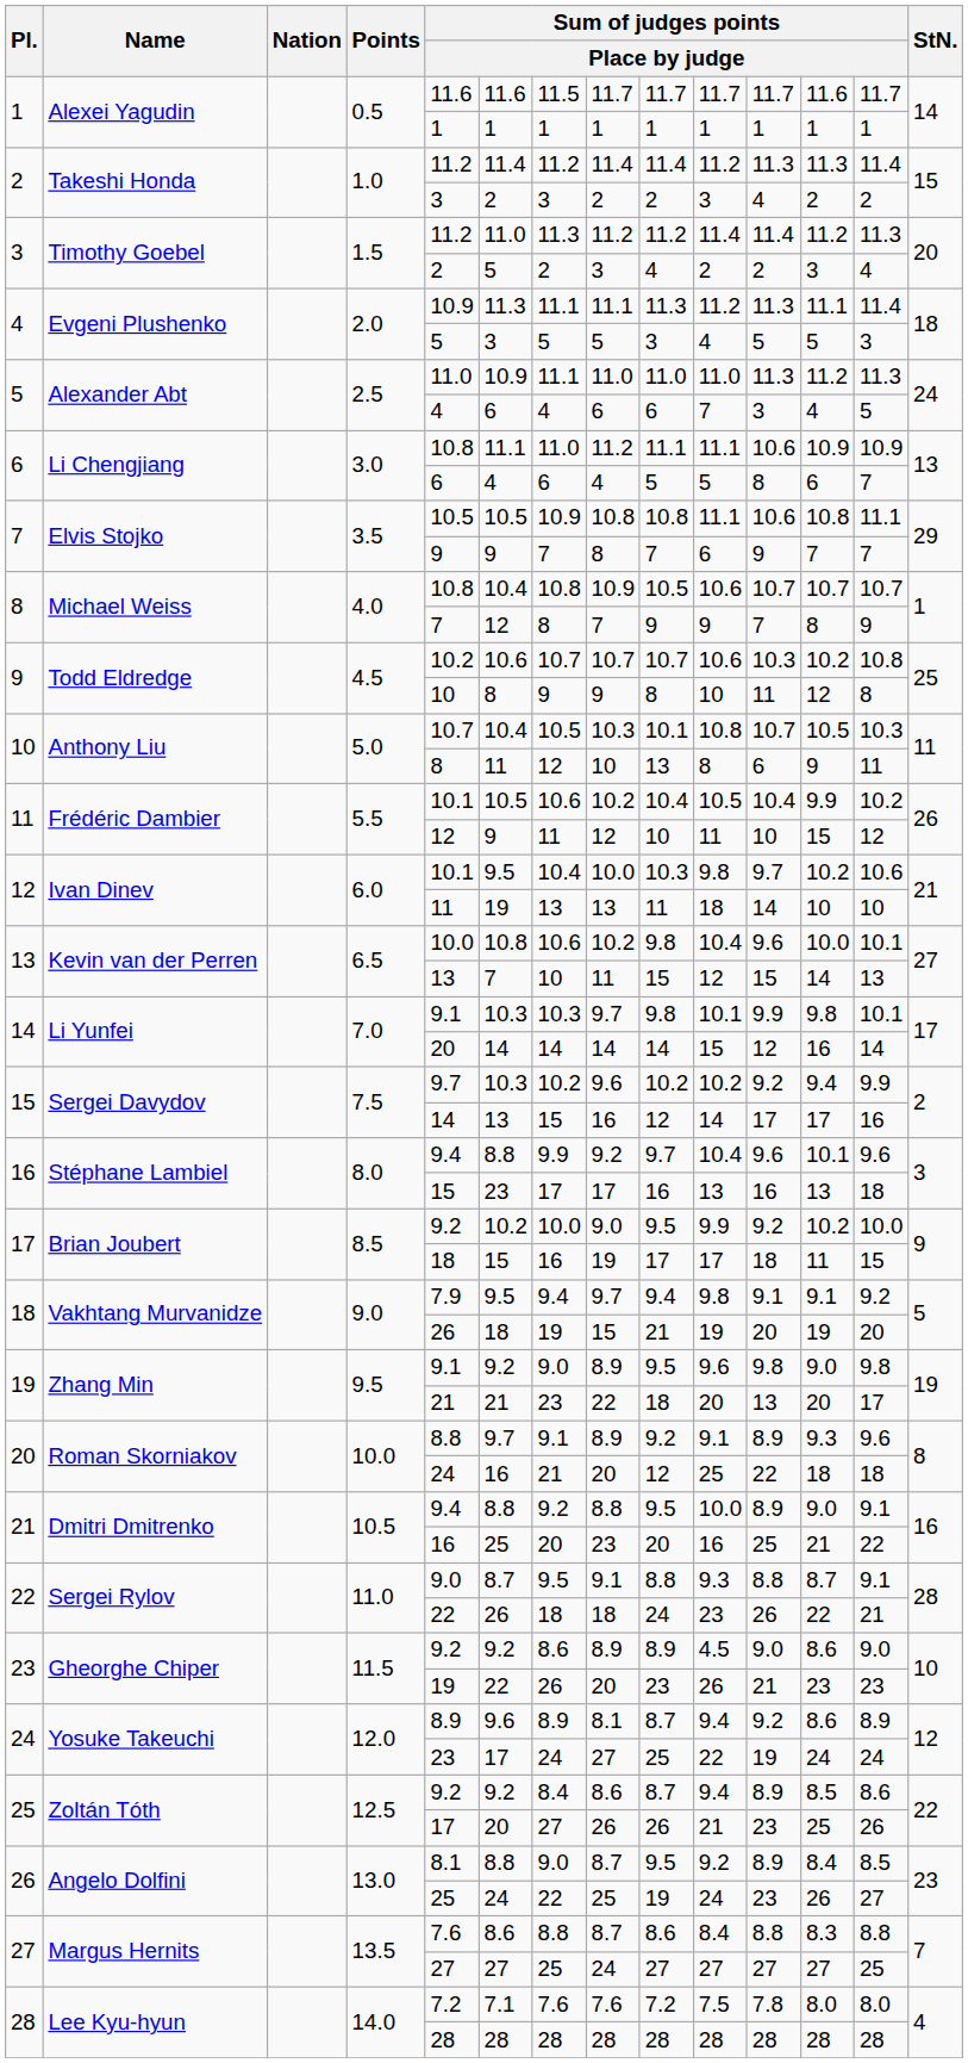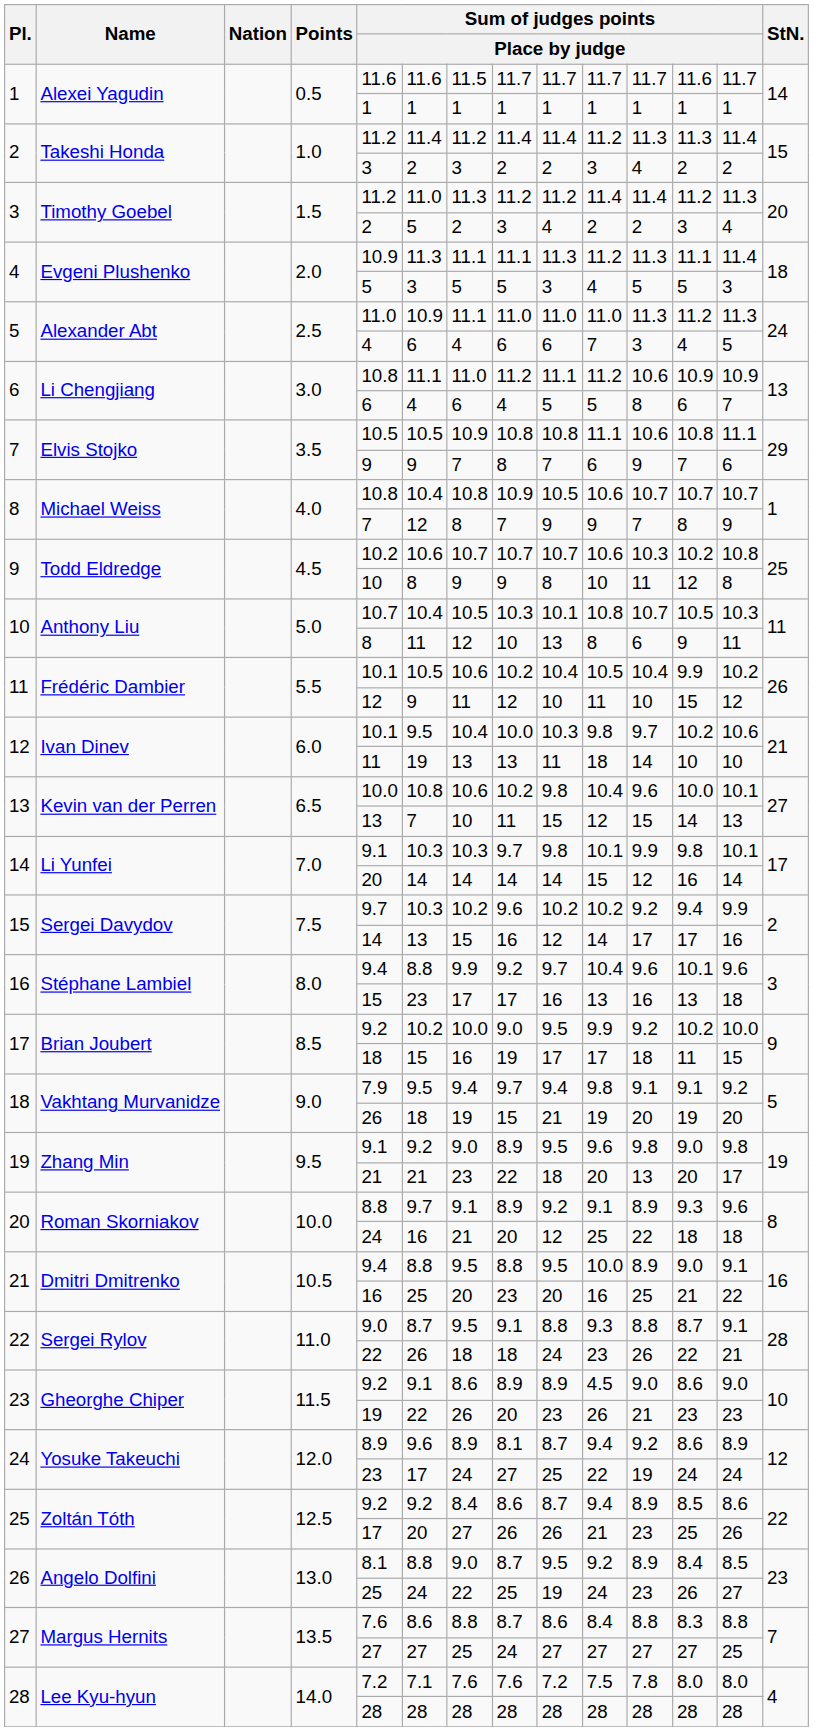 <table class="wikitable">
 <tr>
 <th rowspan="2"><strong>Pl.</strong></th>
 <th rowspan="2"><strong>Name</strong></th>
 <th rowspan="2"><strong>Nation</strong></th>
 <th rowspan="2"><strong>Points</strong></th>
 <th colspan="9"><strong>Sum of judges points</strong></th>
 <th rowspan="2"><strong>StN.</strong></th>
 </tr>
 <tr>
 <th colspan="9"><strong>Place by judge</strong></th>
 </tr>
 <tr>
 <td rowspan="2">1</td>
 <td rowspan="2"><a href='#'>Alexei Yagudin</a></td>
 <td rowspan="2"></td>
 <td rowspan="2">0.5</td>
 <td>11.6</td>
 <td>11.6</td>
 <td>11.5</td>
 <td>11.7</td>
 <td>11.7</td>
 <td>11.7</td>
 <td>11.7</td>
 <td>11.6</td>
 <td>11.7</td>
 <td rowspan="2">14</td>
 </tr>
 <tr>
 <td>1</td>
 <td>1</td>
 <td>1</td>
 <td>1</td>
 <td>1</td>
 <td>1</td>
 <td>1</td>
 <td>1</td>
 <td>1</td>
 </tr>
 <tr>
 <td rowspan="2">2</td>
 <td rowspan="2"><a href='#'>Takeshi Honda</a></td>
 <td rowspan="2"></td>
 <td rowspan="2">1.0</td>
 <td>11.2</td>
 <td>11.4</td>
 <td>11.2</td>
 <td>11.4</td>
 <td>11.4</td>
 <td>11.2</td>
 <td>11.3</td>
 <td>11.3</td>
 <td>11.4</td>
 <td rowspan="2">15</td>
 </tr>
 <tr>
 <td>3</td>
 <td>2</td>
 <td>3</td>
 <td>2</td>
 <td>2</td>
 <td>3</td>
 <td>4</td>
 <td>2</td>
 <td>2</td>
 </tr>
 <tr>
 <td rowspan="2">3</td>
 <td rowspan="2"><a href='#'>Timothy Goebel</a></td>
 <td rowspan="2"></td>
 <td rowspan="2">1.5</td>
 <td>11.2</td>
 <td>11.0</td>
 <td>11.3</td>
 <td>11.2</td>
 <td>11.2</td>
 <td>11.4</td>
 <td>11.4</td>
 <td>11.2</td>
 <td>11.3</td>
 <td rowspan="2">20</td>
 </tr>
 <tr>
 <td>2</td>
 <td>5</td>
 <td>2</td>
 <td>3</td>
 <td>4</td>
 <td>2</td>
 <td>2</td>
 <td>3</td>
 <td>4</td>
 </tr>
 <tr>
 <td rowspan="2">4</td>
 <td rowspan="2"><a href='#'>Evgeni Plushenko</a></td>
 <td rowspan="2"></td>
 <td rowspan="2">2.0</td>
 <td>10.9</td>
 <td>11.3</td>
 <td>11.1</td>
 <td>11.1</td>
 <td>11.3</td>
 <td>11.2</td>
 <td>11.3</td>
 <td>11.1</td>
 <td>11.4</td>
 <td rowspan="2">18</td>
 </tr>
 <tr>
 <td>5</td>
 <td>3</td>
 <td>5</td>
 <td>5</td>
 <td>3</td>
 <td>4</td>
 <td>5</td>
 <td>5</td>
 <td>3</td>
 </tr>
 <tr>
 <td rowspan="2">5</td>
 <td rowspan="2"><a href='#'>Alexander Abt</a></td>
 <td rowspan="2"></td>
 <td rowspan="2">2.5</td>
 <td>11.0</td>
 <td>10.9</td>
 <td>11.1</td>
 <td>11.0</td>
 <td>11.0</td>
 <td>11.0</td>
 <td>11.3</td>
 <td>11.2</td>
 <td>11.3</td>
 <td rowspan="2">24</td>
 </tr>
 <tr>
 <td>4</td>
 <td>6</td>
 <td>4</td>
 <td>6</td>
 <td>6</td>
 <td>7</td>
 <td>3</td>
 <td>4</td>
 <td>5</td>
 </tr>
 <tr>
 <td rowspan="2">6</td>
 <td rowspan="2"><a href='#'>Li Chengjiang</a></td>
 <td rowspan="2"></td>
 <td rowspan="2">3.0</td>
 <td>10.8</td>
 <td>11.1</td>
 <td>11.0</td>
 <td>11.2</td>
 <td>11.1</td>
-<td>11.1</td>
+<td>11.2</td>
 <td>10.6</td>
 <td>10.9</td>
 <td>10.9</td>
 <td rowspan="2">13</td>
 </tr>
 <tr>
 <td>6</td>
 <td>4</td>
 <td>6</td>
 <td>4</td>
 <td>5</td>
 <td>5</td>
 <td>8</td>
 <td>6</td>
 <td>7</td>
 </tr>
 <tr>
 <td rowspan="2">7</td>
 <td rowspan="2"><a href='#'>Elvis Stojko</a></td>
 <td rowspan="2"></td>
 <td rowspan="2">3.5</td>
 <td>10.5</td>
 <td>10.5</td>
 <td>10.9</td>
 <td>10.8</td>
 <td>10.8</td>
 <td>11.1</td>
 <td>10.6</td>
 <td>10.8</td>
 <td>11.1</td>
 <td rowspan="2">29</td>
 </tr>
 <tr>
 <td>9</td>
 <td>9</td>
 <td>7</td>
 <td>8</td>
 <td>7</td>
 <td>6</td>
 <td>9</td>
 <td>7</td>
-<td>7</td>
+<td>6</td>
 </tr>
 <tr>
 <td rowspan="2">8</td>
 <td rowspan="2"><a href='#'>Michael Weiss</a></td>
 <td rowspan="2"></td>
 <td rowspan="2">4.0</td>
 <td>10.8</td>
 <td>10.4</td>
 <td>10.8</td>
 <td>10.9</td>
 <td>10.5</td>
 <td>10.6</td>
 <td>10.7</td>
 <td>10.7</td>
 <td>10.7</td>
 <td rowspan="2">1</td>
 </tr>
 <tr>
 <td>7</td>
 <td>12</td>
 <td>8</td>
 <td>7</td>
 <td>9</td>
 <td>9</td>
 <td>7</td>
 <td>8</td>
 <td>9</td>
 </tr>
 <tr>
 <td rowspan="2">9</td>
 <td rowspan="2"><a href='#'>Todd Eldredge</a></td>
 <td rowspan="2"></td>
 <td rowspan="2">4.5</td>
 <td>10.2</td>
 <td>10.6</td>
 <td>10.7</td>
 <td>10.7</td>
 <td>10.7</td>
 <td>10.6</td>
 <td>10.3</td>
 <td>10.2</td>
 <td>10.8</td>
 <td rowspan="2">25</td>
 </tr>
 <tr>
 <td>10</td>
 <td>8</td>
 <td>9</td>
 <td>9</td>
 <td>8</td>
 <td>10</td>
 <td>11</td>
 <td>12</td>
 <td>8</td>
 </tr>
 <tr>
 <td rowspan="2">10</td>
 <td rowspan="2"><a href='#'>Anthony Liu</a></td>
 <td rowspan="2"></td>
 <td rowspan="2">5.0</td>
 <td>10.7</td>
 <td>10.4</td>
 <td>10.5</td>
 <td>10.3</td>
 <td>10.1</td>
 <td>10.8</td>
 <td>10.7</td>
 <td>10.5</td>
 <td>10.3</td>
 <td rowspan="2">11</td>
 </tr>
 <tr>
 <td>8</td>
 <td>11</td>
 <td>12</td>
 <td>10</td>
 <td>13</td>
 <td>8</td>
 <td>6</td>
 <td>9</td>
 <td>11</td>
 </tr>
 <tr>
 <td rowspan="2">11</td>
 <td rowspan="2"><a href='#'>Frédéric Dambier</a></td>
 <td rowspan="2"></td>
 <td rowspan="2">5.5</td>
 <td>10.1</td>
 <td>10.5</td>
 <td>10.6</td>
 <td>10.2</td>
 <td>10.4</td>
 <td>10.5</td>
 <td>10.4</td>
 <td>9.9</td>
 <td>10.2</td>
 <td rowspan="2">26</td>
 </tr>
 <tr>
 <td>12</td>
 <td>9</td>
 <td>11</td>
 <td>12</td>
 <td>10</td>
 <td>11</td>
 <td>10</td>
 <td>15</td>
 <td>12</td>
 </tr>
 <tr>
 <td rowspan="2">12</td>
 <td rowspan="2"><a href='#'>Ivan Dinev</a></td>
 <td rowspan="2"></td>
 <td rowspan="2">6.0</td>
 <td>10.1</td>
 <td>9.5</td>
 <td>10.4</td>
 <td>10.0</td>
 <td>10.3</td>
 <td>9.8</td>
 <td>9.7</td>
 <td>10.2</td>
 <td>10.6</td>
 <td rowspan="2">21</td>
 </tr>
 <tr>
 <td>11</td>
 <td>19</td>
 <td>13</td>
 <td>13</td>
 <td>11</td>
 <td>18</td>
 <td>14</td>
 <td>10</td>
 <td>10</td>
 </tr>
 <tr>
 <td rowspan="2">13</td>
 <td rowspan="2"><a href='#'>Kevin van der Perren</a></td>
 <td rowspan="2"></td>
 <td rowspan="2">6.5</td>
 <td>10.0</td>
 <td>10.8</td>
 <td>10.6</td>
 <td>10.2</td>
 <td>9.8</td>
 <td>10.4</td>
 <td>9.6</td>
 <td>10.0</td>
 <td>10.1</td>
 <td rowspan="2">27</td>
 </tr>
 <tr>
 <td>13</td>
 <td>7</td>
 <td>10</td>
 <td>11</td>
 <td>15</td>
 <td>12</td>
 <td>15</td>
 <td>14</td>
 <td>13</td>
 </tr>
 <tr>
 <td rowspan="2">14</td>
 <td rowspan="2"><a href='#'>Li Yunfei</a></td>
 <td rowspan="2"></td>
 <td rowspan="2">7.0</td>
 <td>9.1</td>
 <td>10.3</td>
 <td>10.3</td>
 <td>9.7</td>
 <td>9.8</td>
 <td>10.1</td>
 <td>9.9</td>
 <td>9.8</td>
 <td>10.1</td>
 <td rowspan="2">17</td>
 </tr>
 <tr>
 <td>20</td>
 <td>14</td>
 <td>14</td>
 <td>14</td>
 <td>14</td>
 <td>15</td>
 <td>12</td>
 <td>16</td>
 <td>14</td>
 </tr>
 <tr>
 <td rowspan="2">15</td>
 <td rowspan="2"><a href='#'>Sergei Davydov</a></td>
 <td rowspan="2"></td>
 <td rowspan="2">7.5</td>
 <td>9.7</td>
 <td>10.3</td>
 <td>10.2</td>
 <td>9.6</td>
 <td>10.2</td>
 <td>10.2</td>
 <td>9.2</td>
 <td>9.4</td>
 <td>9.9</td>
 <td rowspan="2">2</td>
 </tr>
 <tr>
 <td>14</td>
 <td>13</td>
 <td>15</td>
 <td>16</td>
 <td>12</td>
 <td>14</td>
 <td>17</td>
 <td>17</td>
 <td>16</td>
 </tr>
 <tr>
 <td rowspan="2">16</td>
 <td rowspan="2"><a href='#'>Stéphane Lambiel</a></td>
 <td rowspan="2"></td>
 <td rowspan="2">8.0</td>
 <td>9.4</td>
 <td>8.8</td>
 <td>9.9</td>
 <td>9.2</td>
 <td>9.7</td>
 <td>10.4</td>
 <td>9.6</td>
 <td>10.1</td>
 <td>9.6</td>
 <td rowspan="2">3</td>
 </tr>
 <tr>
 <td>15</td>
 <td>23</td>
 <td>17</td>
 <td>17</td>
 <td>16</td>
 <td>13</td>
 <td>16</td>
 <td>13</td>
 <td>18</td>
 </tr>
 <tr>
 <td rowspan="2">17</td>
 <td rowspan="2"><a href='#'>Brian Joubert</a></td>
 <td rowspan="2"></td>
 <td rowspan="2">8.5</td>
 <td>9.2</td>
 <td>10.2</td>
 <td>10.0</td>
 <td>9.0</td>
 <td>9.5</td>
 <td>9.9</td>
 <td>9.2</td>
 <td>10.2</td>
 <td>10.0</td>
 <td rowspan="2">9</td>
 </tr>
 <tr>
 <td>18</td>
 <td>15</td>
 <td>16</td>
 <td>19</td>
 <td>17</td>
 <td>17</td>
 <td>18</td>
 <td>11</td>
 <td>15</td>
 </tr>
 <tr>
 <td rowspan="2">18</td>
 <td rowspan="2"><a href='#'>Vakhtang Murvanidze</a></td>
 <td rowspan="2"></td>
 <td rowspan="2">9.0</td>
 <td>7.9</td>
 <td>9.5</td>
 <td>9.4</td>
 <td>9.7</td>
 <td>9.4</td>
 <td>9.8</td>
 <td>9.1</td>
 <td>9.1</td>
 <td>9.2</td>
 <td rowspan="2">5</td>
 </tr>
 <tr>
 <td>26</td>
 <td>18</td>
 <td>19</td>
 <td>15</td>
 <td>21</td>
 <td>19</td>
 <td>20</td>
 <td>19</td>
 <td>20</td>
 </tr>
 <tr>
 <td rowspan="2">19</td>
 <td rowspan="2"><a href='#'>Zhang Min</a></td>
 <td rowspan="2"></td>
 <td rowspan="2">9.5</td>
 <td>9.1</td>
 <td>9.2</td>
 <td>9.0</td>
 <td>8.9</td>
 <td>9.5</td>
 <td>9.6</td>
 <td>9.8</td>
 <td>9.0</td>
 <td>9.8</td>
 <td rowspan="2">19</td>
 </tr>
 <tr>
 <td>21</td>
 <td>21</td>
 <td>23</td>
 <td>22</td>
 <td>18</td>
 <td>20</td>
 <td>13</td>
 <td>20</td>
 <td>17</td>
 </tr>
 <tr>
 <td rowspan="2">20</td>
 <td rowspan="2"><a href='#'>Roman Skorniakov</a></td>
 <td rowspan="2"></td>
 <td rowspan="2">10.0</td>
 <td>8.8</td>
 <td>9.7</td>
 <td>9.1</td>
 <td>8.9</td>
 <td>9.2</td>
 <td>9.1</td>
 <td>8.9</td>
 <td>9.3</td>
 <td>9.6</td>
 <td rowspan="2">8</td>
 </tr>
 <tr>
 <td>24</td>
 <td>16</td>
 <td>21</td>
 <td>20</td>
 <td>12</td>
 <td>25</td>
 <td>22</td>
 <td>18</td>
 <td>18</td>
 </tr>
 <tr>
 <td rowspan="2">21</td>
 <td rowspan="2"><a href='#'>Dmitri Dmitrenko</a></td>
 <td rowspan="2"></td>
 <td rowspan="2">10.5</td>
 <td>9.4</td>
 <td>8.8</td>
-<td>9.2</td>
+<td>9.5</td>
 <td>8.8</td>
 <td>9.5</td>
 <td>10.0</td>
 <td>8.9</td>
 <td>9.0</td>
 <td>9.1</td>
 <td rowspan="2">16</td>
 </tr>
 <tr>
 <td>16</td>
 <td>25</td>
 <td>20</td>
 <td>23</td>
 <td>20</td>
 <td>16</td>
 <td>25</td>
 <td>21</td>
 <td>22</td>
 </tr>
 <tr>
 <td rowspan="2">22</td>
 <td rowspan="2"><a href='#'>Sergei Rylov</a></td>
 <td rowspan="2"></td>
 <td rowspan="2">11.0</td>
 <td>9.0</td>
 <td>8.7</td>
 <td>9.5</td>
 <td>9.1</td>
 <td>8.8</td>
 <td>9.3</td>
 <td>8.8</td>
 <td>8.7</td>
 <td>9.1</td>
 <td rowspan="2">28</td>
 </tr>
 <tr>
 <td>22</td>
 <td>26</td>
 <td>18</td>
 <td>18</td>
 <td>24</td>
 <td>23</td>
 <td>26</td>
 <td>22</td>
 <td>21</td>
 </tr>
 <tr>
 <td rowspan="2">23</td>
 <td rowspan="2"><a href='#'>Gheorghe Chiper</a></td>
 <td rowspan="2"></td>
 <td rowspan="2">11.5</td>
 <td>9.2</td>
-<td>9.2</td>
+<td>9.1</td>
 <td>8.6</td>
 <td>8.9</td>
 <td>8.9</td>
 <td>4.5</td>
 <td>9.0</td>
 <td>8.6</td>
 <td>9.0</td>
 <td rowspan="2">10</td>
 </tr>
 <tr>
 <td>19</td>
 <td>22</td>
 <td>26</td>
 <td>20</td>
 <td>23</td>
 <td>26</td>
 <td>21</td>
 <td>23</td>
 <td>23</td>
 </tr>
 <tr>
 <td rowspan="2">24</td>
 <td rowspan="2"><a href='#'>Yosuke Takeuchi</a></td>
 <td rowspan="2"></td>
 <td rowspan="2">12.0</td>
 <td>8.9</td>
 <td>9.6</td>
 <td>8.9</td>
 <td>8.1</td>
 <td>8.7</td>
 <td>9.4</td>
 <td>9.2</td>
 <td>8.6</td>
 <td>8.9</td>
 <td rowspan="2">12</td>
 </tr>
 <tr>
 <td>23</td>
 <td>17</td>
 <td>24</td>
 <td>27</td>
 <td>25</td>
 <td>22</td>
 <td>19</td>
 <td>24</td>
 <td>24</td>
 </tr>
 <tr>
 <td rowspan="2">25</td>
 <td rowspan="2"><a href='#'>Zoltán Tóth</a></td>
 <td rowspan="2"></td>
 <td rowspan="2">12.5</td>
 <td>9.2</td>
 <td>9.2</td>
 <td>8.4</td>
 <td>8.6</td>
 <td>8.7</td>
 <td>9.4</td>
 <td>8.9</td>
 <td>8.5</td>
 <td>8.6</td>
 <td rowspan="2">22</td>
 </tr>
 <tr>
 <td>17</td>
 <td>20</td>
 <td>27</td>
 <td>26</td>
 <td>26</td>
 <td>21</td>
 <td>23</td>
 <td>25</td>
 <td>26</td>
 </tr>
 <tr>
 <td rowspan="2">26</td>
 <td rowspan="2"><a href='#'>Angelo Dolfini</a></td>
 <td rowspan="2"></td>
 <td rowspan="2">13.0</td>
 <td>8.1</td>
 <td>8.8</td>
 <td>9.0</td>
 <td>8.7</td>
 <td>9.5</td>
 <td>9.2</td>
 <td>8.9</td>
 <td>8.4</td>
 <td>8.5</td>
 <td rowspan="2">23</td>
 </tr>
 <tr>
 <td>25</td>
 <td>24</td>
 <td>22</td>
 <td>25</td>
 <td>19</td>
 <td>24</td>
 <td>23</td>
 <td>26</td>
 <td>27</td>
 </tr>
 <tr>
 <td rowspan="2">27</td>
 <td rowspan="2"><a href='#'>Margus Hernits</a></td>
 <td rowspan="2"></td>
 <td rowspan="2">13.5</td>
 <td>7.6</td>
 <td>8.6</td>
 <td>8.8</td>
 <td>8.7</td>
 <td>8.6</td>
 <td>8.4</td>
 <td>8.8</td>
 <td>8.3</td>
 <td>8.8</td>
 <td rowspan="2">7</td>
 </tr>
 <tr>
 <td>27</td>
 <td>27</td>
 <td>25</td>
 <td>24</td>
 <td>27</td>
 <td>27</td>
 <td>27</td>
 <td>27</td>
 <td>25</td>
 </tr>
 <tr>
 <td rowspan="2">28</td>
 <td rowspan="2"><a href='#'>Lee Kyu-hyun</a></td>
 <td rowspan="2"></td>
 <td rowspan="2">14.0</td>
 <td>7.2</td>
 <td>7.1</td>
 <td>7.6</td>
 <td>7.6</td>
 <td>7.2</td>
 <td>7.5</td>
 <td>7.8</td>
 <td>8.0</td>
 <td>8.0</td>
 <td rowspan="2">4</td>
 </tr>
 <tr>
 <td>28</td>
 <td>28</td>
 <td>28</td>
 <td>28</td>
 <td>28</td>
 <td>28</td>
 <td>28</td>
 <td>28</td>
 <td>28</td>
 </tr>
 </table>
